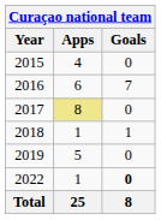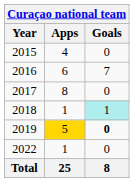 <table class="wikitable" style="text-align:center">
 <tr>
 <th colspan=6><a href='#'>Curaçao national team</a></th>
 </tr>
 <tr>
 <th>Year</th>
 <th>Apps</th>
 <th>Goals</th>
 </tr>
 <tr>
 <td>2015</td>
 <td>4</td>
 <td>0</td>
 </tr>
 <tr>
 <td>2016</td>
 <td>6</td>
 <td>7</td>
 </tr>
 <tr>
 <td>2017</td>
-<td style="background: khaki;">8</td>
+<td>8</td>
 <td>0</td>
 </tr>
 <tr>
 <td>2018</td>
 <td>1</td>
-<td>1</td>
+<td style="background: paleturquoise;">1</td>
 </tr>
 <tr>
 <td>2019</td>
-<td>5</td>
-<td>0</td>
+<td style="background: gold;">5</td>
+<td><strong>0</strong></td>
 </tr>
 <tr>
 <td>2022</td>
 <td>1</td>
-<td><strong>0</strong></td>
+<td>0</td>
 </tr>
 <tr>
 <th>Total</th>
 <th>25</th>
 <th>8</th>
 </tr>
 </table>
